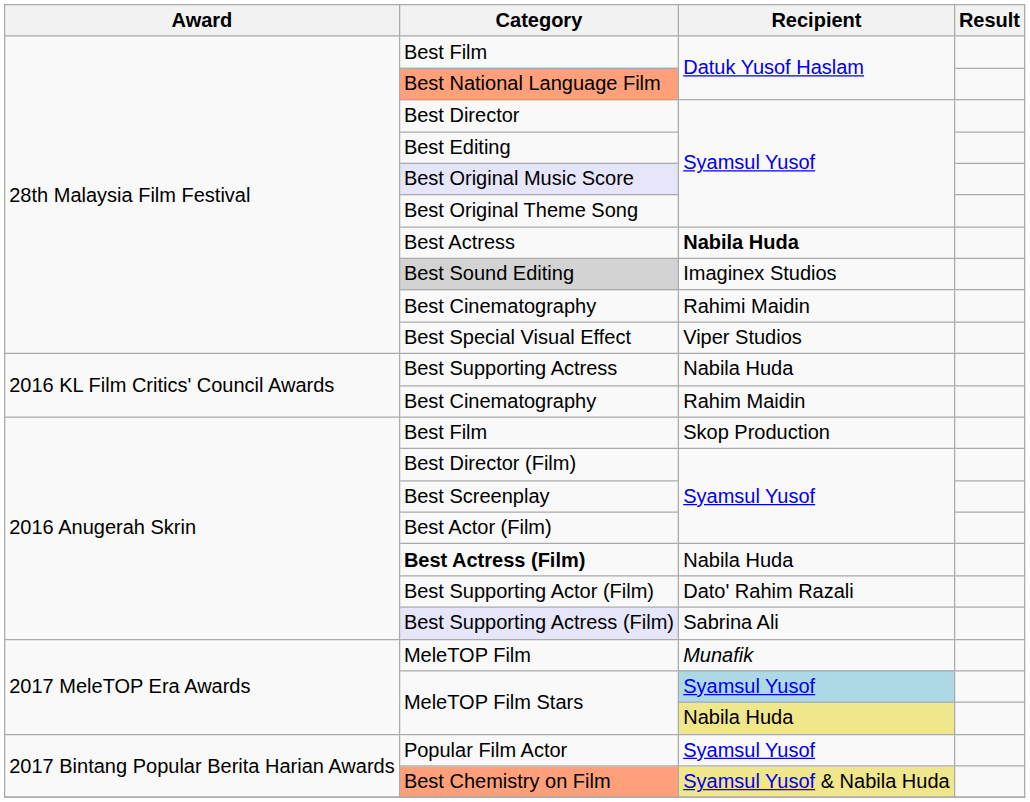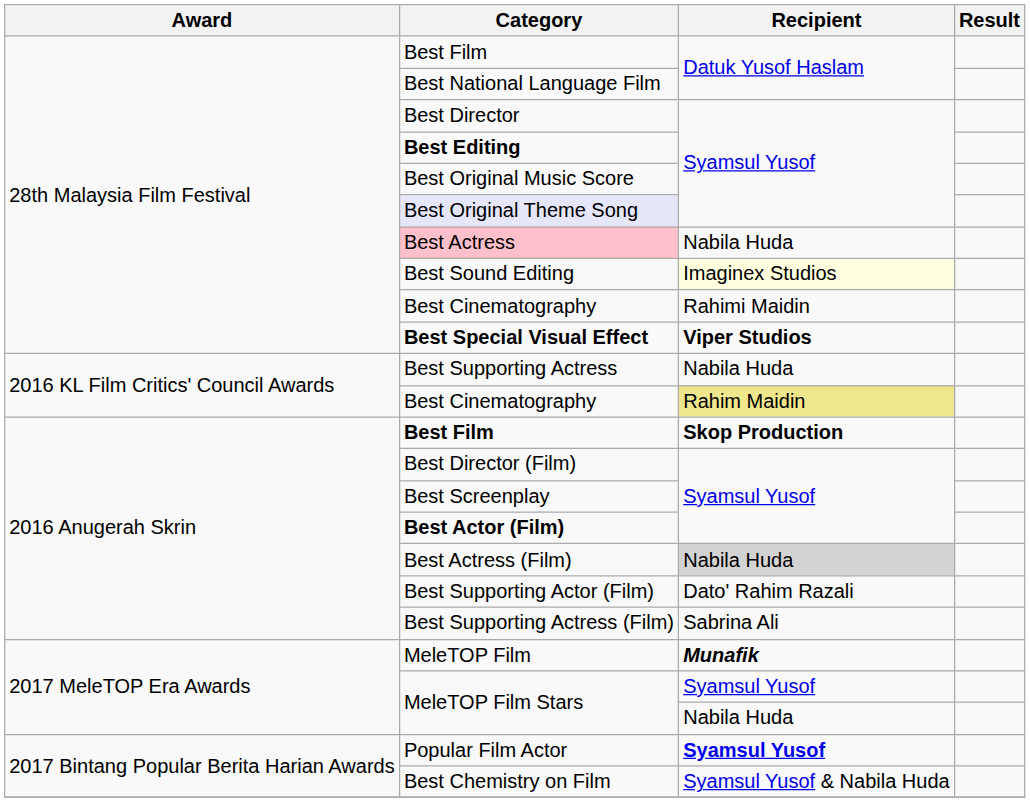 <table class="wikitable">
 <tr>
 <th>Award</th>
 <th><strong>Category</strong></th>
 <th><strong>Recipient</strong></th>
 <th><strong>Result</strong></th>
 </tr>
 <tr>
 <td rowspan="10">28th Malaysia Film Festival</td>
 <td>Best Film</td>
 <td rowspan="2"><a href='#'>Datuk Yusof Haslam</a></td>
 <td></td>
 </tr>
 <tr>
-<td style="background: lightsalmon;">Best National Language Film</td>
+<td>Best National Language Film</td>
 <td></td>
 </tr>
 <tr>
 <td>Best Director</td>
 <td rowspan="4"><a href='#'>Syamsul Yusof</a></td>
 <td></td>
 </tr>
 <tr>
-<td>Best Editing</td>
+<td><strong>Best Editing</strong></td>
 <td></td>
 </tr>
 <tr>
-<td style="background: lavender;">Best Original Music Score</td>
+<td>Best Original Music Score</td>
 <td></td>
 </tr>
 <tr>
-<td>Best Original Theme Song</td>
+<td style="background: lavender;">Best Original Theme Song</td>
 <td></td>
 </tr>
 <tr>
-<td>Best Actress</td>
-<td><strong>Nabila Huda</strong></td>
+<td style="background: pink;">Best Actress</td>
+<td>Nabila Huda</td>
 <td></td>
 </tr>
 <tr>
-<td style="background: lightgrey;">Best Sound Editing</td>
-<td>Imaginex Studios</td>
+<td>Best Sound Editing</td>
+<td style="background: lightyellow;">Imaginex Studios</td>
 <td></td>
 </tr>
 <tr>
 <td>Best Cinematography</td>
 <td>Rahimi Maidin</td>
 <td></td>
 </tr>
 <tr>
-<td>Best Special Visual Effect</td>
-<td>Viper Studios</td>
+<td><strong>Best Special Visual Effect</strong></td>
+<td><strong>Viper Studios</strong></td>
 <td></td>
 </tr>
 <tr>
 <td rowspan="2">2016 KL Film Critics' Council Awards</td>
 <td>Best Supporting Actress</td>
 <td>Nabila Huda</td>
 <td></td>
 </tr>
 <tr>
 <td>Best Cinematography</td>
-<td>Rahim Maidin</td>
+<td style="background: khaki;">Rahim Maidin</td>
 <td></td>
 </tr>
 <tr>
 <td rowspan="7">2016 Anugerah Skrin</td>
-<td>Best Film</td>
-<td>Skop Production</td>
+<td><strong>Best Film</strong></td>
+<td><strong>Skop Production</strong></td>
 <td></td>
 </tr>
 <tr>
 <td>Best Director (Film)</td>
 <td rowspan="3"><a href='#'>Syamsul Yusof</a></td>
 <td></td>
 </tr>
 <tr>
 <td>Best Screenplay</td>
 <td></td>
 </tr>
 <tr>
-<td>Best Actor (Film)</td>
+<td><strong>Best Actor (Film)</strong></td>
 <td></td>
 </tr>
 <tr>
-<td><strong>Best Actress (Film)</strong></td>
-<td>Nabila Huda</td>
+<td>Best Actress (Film)</td>
+<td style="background: lightgrey;">Nabila Huda</td>
 <td></td>
 </tr>
 <tr>
 <td>Best Supporting Actor (Film)</td>
 <td>Dato' Rahim Razali</td>
 <td></td>
 </tr>
 <tr>
-<td style="background: lavender;">Best Supporting Actress (Film)</td>
+<td>Best Supporting Actress (Film)</td>
 <td>Sabrina Ali</td>
 <td></td>
 </tr>
 <tr>
 <td rowspan="3">2017 MeleTOP Era Awards</td>
 <td>MeleTOP Film</td>
-<td><em>Munafik</em></td>
+<td><strong><em>Munafik</em></strong></td>
 <td></td>
 </tr>
 <tr>
 <td rowspan="2">MeleTOP Film Stars</td>
-<td style="background: lightblue;"><a href='#'>Syamsul Yusof</a></td>
+<td><a href='#'>Syamsul Yusof</a></td>
 <td></td>
 </tr>
 <tr>
-<td style="background: khaki;">Nabila Huda</td>
+<td>Nabila Huda</td>
 <td></td>
 </tr>
 <tr>
 <td rowspan="2">2017 Bintang Popular Berita Harian Awards</td>
 <td>Popular Film Actor</td>
-<td><a href='#'>Syamsul Yusof</a></td>
+<td><strong><a href='#'>Syamsul Yusof</a></strong></td>
 <td></td>
 </tr>
 <tr>
-<td style="background: lightsalmon;">Best Chemistry on Film</td>
-<td style="background: khaki;"><a href='#'>Syamsul Yusof</a> & Nabila Huda</td>
+<td>Best Chemistry on Film</td>
+<td><a href='#'>Syamsul Yusof</a> & Nabila Huda</td>
 <td></td>
 </tr>
 <tr>
 </tr>
 </table>
